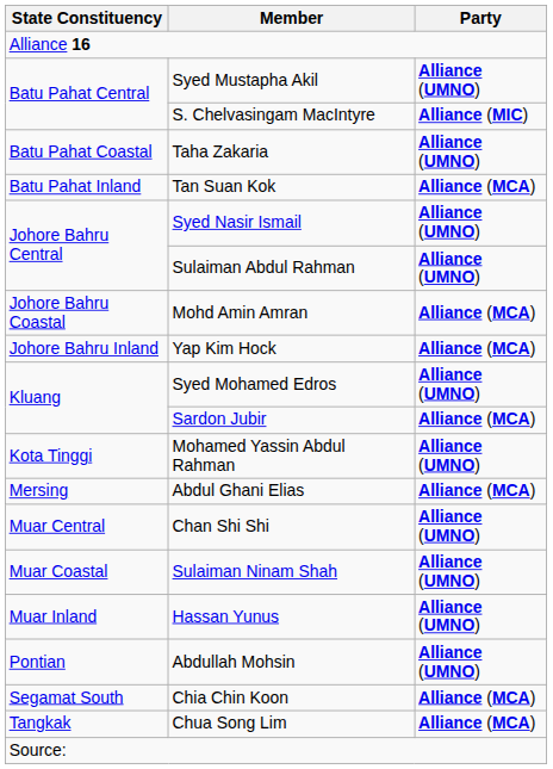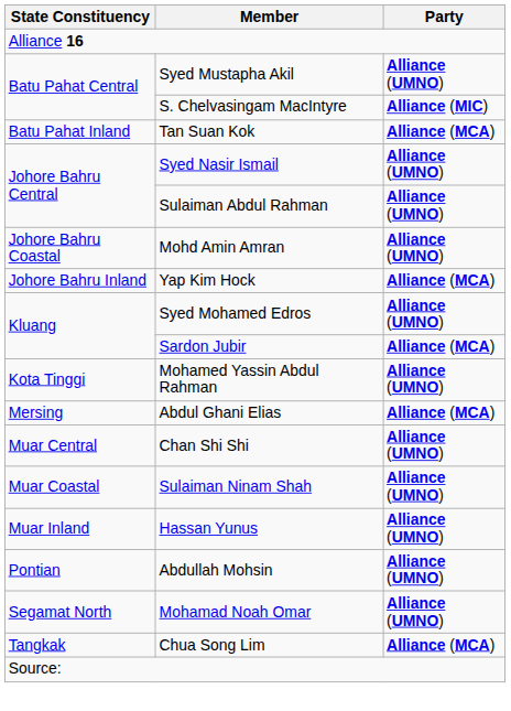 <table class="wikitable sortable">
 <tr>
 <th style="width:150px;">State Constituency</th>
 <th style="width:230px;">Member</th>
 <th style="width:120px;">Party</th>
 </tr>
 <tr>
 <td colspan="3"><a href='#'>Alliance</a> <strong>16</strong></td>
 </tr>
 <tr>
 <td rowspan="2"><a href='#'>Batu Pahat Central</a></td>
 <td>Syed Mustapha Akil </td>
 <td><strong><a href='#'>Alliance</a></strong> (<strong><a href='#'>UMNO</a></strong>)</td>
 </tr>
 <tr>
 <td>S. Chelvasingam MacIntyre </td>
 <td><strong><a href='#'>Alliance</a></strong> (<strong><a href='#'>MIC</a></strong>)</td>
 </tr>
 <tr>
-<td><a href='#'>Batu Pahat Coastal</a></td>
-<td>Taha Zakaria</td>
-<td><strong><a href='#'>Alliance</a></strong> (<strong><a href='#'>UMNO</a></strong>)</td>
-</tr>
-<tr>
 <td><a href='#'>Batu Pahat Inland</a></td>
 <td>Tan Suan Kok</td>
 <td><strong><a href='#'>Alliance</a></strong> (<strong><a href='#'>MCA</a></strong>)</td>
 </tr>
 <tr>
 <td rowspan="2"><a href='#'>Johore Bahru Central</a></td>
 <td><a href='#'>Syed Nasir Ismail</a> </td>
 <td><strong><a href='#'>Alliance</a></strong> (<strong><a href='#'>UMNO</a></strong>)</td>
 </tr>
 <tr>
 <td>Sulaiman Abdul Rahman </td>
 <td><strong><a href='#'>Alliance</a></strong> (<strong><a href='#'>UMNO</a></strong>)</td>
 </tr>
 <tr>
 <td><a href='#'>Johore Bahru Coastal</a></td>
 <td>Mohd Amin Amran</td>
-<td><strong><a href='#'>Alliance</a></strong> (<strong><a href='#'>MCA</a></strong>)</td>
+<td><strong><a href='#'>Alliance</a></strong> (<strong><a href='#'>UMNO</a></strong>)</td>
 </tr>
 <tr>
 <td><a href='#'>Johore Bahru Inland</a></td>
 <td>Yap Kim Hock</td>
 <td><strong><a href='#'>Alliance</a></strong> (<strong><a href='#'>MCA</a></strong>)</td>
 </tr>
 <tr>
 <td rowspan="2"><a href='#'>Kluang</a></td>
 <td>Syed Mohamed Edros </td>
 <td><strong><a href='#'>Alliance</a></strong> (<strong><a href='#'>UMNO</a></strong>)</td>
 </tr>
 <tr>
 <td><a href='#'>Sardon Jubir</a> </td>
 <td><strong><a href='#'>Alliance</a></strong> (<strong><a href='#'>MCA</a></strong>)</td>
 </tr>
 <tr>
 <td><a href='#'>Kota Tinggi</a></td>
 <td>Mohamed Yassin Abdul Rahman</td>
 <td><strong><a href='#'>Alliance</a></strong> (<strong><a href='#'>UMNO</a></strong>)</td>
 </tr>
 <tr>
 <td><a href='#'>Mersing</a></td>
 <td>Abdul Ghani Elias</td>
 <td><strong><a href='#'>Alliance</a></strong> (<strong><a href='#'>MCA</a></strong>)</td>
 </tr>
 <tr>
 <td><a href='#'>Muar Central</a></td>
 <td>Chan Shi Shi</td>
 <td><strong><a href='#'>Alliance</a></strong> (<strong><a href='#'>UMNO</a></strong>)</td>
 </tr>
 <tr>
 <td><a href='#'>Muar Coastal</a></td>
 <td><a href='#'>Sulaiman Ninam Shah</a></td>
 <td><strong><a href='#'>Alliance</a></strong> (<strong><a href='#'>UMNO</a></strong>)</td>
 </tr>
 <tr>
 <td><a href='#'>Muar Inland</a></td>
 <td><a href='#'>Hassan Yunus</a></td>
 <td><strong><a href='#'>Alliance</a></strong> (<strong><a href='#'>UMNO</a></strong>)</td>
 </tr>
 <tr>
 <td><a href='#'>Pontian</a></td>
 <td>Abdullah Mohsin</td>
 <td><strong><a href='#'>Alliance</a></strong> (<strong><a href='#'>UMNO</a></strong>)</td>
 </tr>
 <tr>
-<td><a href='#'>Segamat South</a></td>
-<td>Chia Chin Koon</td>
-<td><strong><a href='#'>Alliance</a></strong> (<strong><a href='#'>MCA</a></strong>)</td>
+<td><a href='#'>Segamat North</a></td>
+<td><a href='#'>Mohamad Noah Omar</a></td>
+<td><strong><a href='#'>Alliance</a></strong> (<strong><a href='#'>UMNO</a></strong>)</td>
 </tr>
 <tr>
 <td><a href='#'>Tangkak</a></td>
 <td>Chua Song Lim</td>
 <td><strong><a href='#'>Alliance</a></strong> (<strong><a href='#'>MCA</a></strong>)</td>
 </tr>
 <tr>
 <td colspan="3">Source:</td>
 </tr>
 </table>
